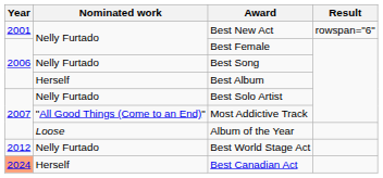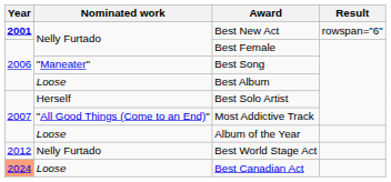 <table class="wikitable">
 <tr>
 <th>Year</th>
 <th>Nominated work</th>
 <th>Award</th>
 <th>Result</th>
 </tr>
 <tr>
-<td><a href='#'>2001</a></td>
+<td><strong><a href='#'>2001</a></strong></td>
 <td rowspan="2">Nelly Furtado</td>
 <td>Best New Act</td>
 <td>rowspan="6" </td>
 </tr>
 <tr>
 <td rowspan="3"><a href='#'>2006</a></td>
 <td>Best Female</td>
 </tr>
 <tr>
-<td>Nelly Furtado</td>
+<td>"<a href='#'>Maneater</a>"</td>
 <td>Best Song</td>
 </tr>
 <tr>
-<td>Herself</td>
+<td><em>Loose</em></td>
 <td>Best Album</td>
 </tr>
 <tr>
 <td rowspan="3"><a href='#'>2007</a></td>
-<td>Nelly Furtado</td>
+<td>Herself</td>
 <td>Best Solo Artist</td>
 </tr>
 <tr>
 <td>"<a href='#'>All Good Things (Come to an End)</a>"</td>
 <td>Most Addictive Track</td>
 </tr>
 <tr>
 <td><em>Loose</em></td>
 <td>Album of the Year</td>
 <td></td>
 </tr>
 <tr>
 <td><a href='#'>2012</a></td>
 <td>Nelly Furtado</td>
 <td>Best World Stage Act</td>
 <td></td>
 </tr>
 <tr>
 <td style="background: lightsalmon;"><a href='#'>2024</a></td>
-<td>Herself</td>
+<td><em>Loose</em></td>
 <td><a href='#'>Best Canadian Act</a></td>
 <td></td>
 </tr>
 </table>
